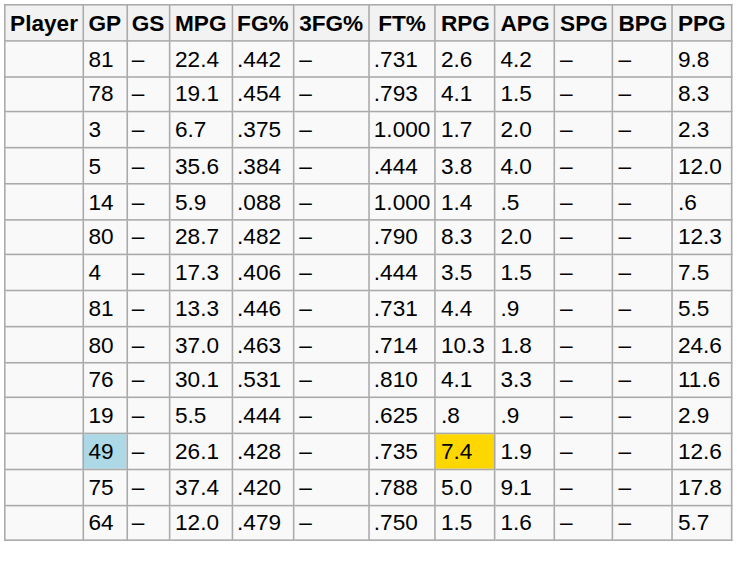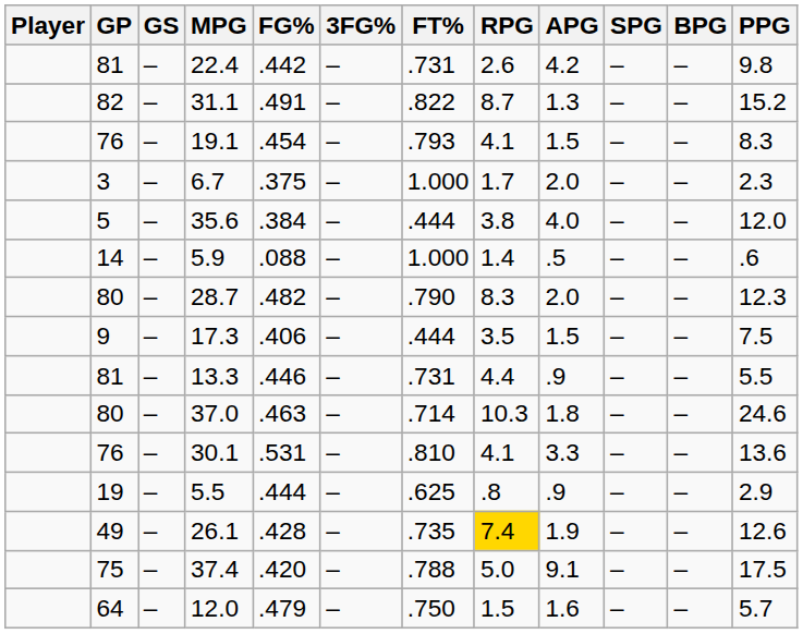 <table class="wikitable sortable" style="font-size: 90%">
 <tr>
 <th>Player</th>
 <th>GP</th>
 <th>GS</th>
 <th>MPG</th>
 <th>FG%</th>
 <th>3FG%</th>
 <th>FT%</th>
 <th>RPG</th>
 <th>APG</th>
 <th>SPG</th>
 <th>BPG</th>
 <th>PPG</th>
 </tr>
 <tr>
 <td></td>
 <td>81</td>
 <td>–</td>
 <td>22.4</td>
 <td>.442</td>
 <td>–</td>
 <td>.731</td>
 <td>2.6</td>
 <td>4.2</td>
 <td>–</td>
 <td>–</td>
 <td>9.8</td>
 </tr>
 <tr>
 <td> </td>
-<td>78</td>
+<td>82</td>
+<td>–</td>
+<td>31.1</td>
+<td>.491</td>
+<td>–</td>
+<td>.822</td>
+<td>8.7</td>
+<td>1.3</td>
+<td>–</td>
+<td>–</td>
+<td>15.2</td>
+</tr>
+<tr>
+<td> </td>
+<td>76</td>
 <td>–</td>
 <td>19.1</td>
 <td>.454</td>
 <td>–</td>
 <td>.793</td>
 <td>4.1</td>
 <td>1.5</td>
 <td>–</td>
 <td>–</td>
 <td>8.3</td>
 </tr>
 <tr>
 <td></td>
 <td>3</td>
 <td>–</td>
 <td>6.7</td>
 <td>.375</td>
 <td>–</td>
 <td>1.000</td>
 <td>1.7</td>
 <td>2.0</td>
 <td>–</td>
 <td>–</td>
 <td>2.3</td>
 </tr>
 <tr>
 <td> </td>
 <td>5</td>
 <td>–</td>
 <td>35.6</td>
 <td>.384</td>
 <td>–</td>
 <td>.444</td>
 <td>3.8</td>
 <td>4.0</td>
 <td>–</td>
 <td>–</td>
 <td>12.0</td>
 </tr>
 <tr>
 <td></td>
 <td>14</td>
 <td>–</td>
 <td>5.9</td>
 <td>.088</td>
 <td>–</td>
 <td>1.000</td>
 <td>1.4</td>
 <td>.5</td>
 <td>–</td>
 <td>–</td>
 <td>.6</td>
 </tr>
 <tr>
 <td></td>
 <td>80</td>
 <td>–</td>
 <td>28.7</td>
 <td>.482</td>
 <td>–</td>
 <td>.790</td>
 <td>8.3</td>
 <td>2.0</td>
 <td>–</td>
 <td>–</td>
 <td>12.3</td>
 </tr>
 <tr>
 <td> </td>
-<td>4</td>
+<td>9</td>
 <td>–</td>
 <td>17.3</td>
 <td>.406</td>
 <td>–</td>
 <td>.444</td>
 <td>3.5</td>
 <td>1.5</td>
 <td>–</td>
 <td>–</td>
 <td>7.5</td>
 </tr>
 <tr>
 <td></td>
 <td>81</td>
 <td>–</td>
 <td>13.3</td>
 <td>.446</td>
 <td>–</td>
 <td>.731</td>
 <td>4.4</td>
 <td>.9</td>
 <td>–</td>
 <td>–</td>
 <td>5.5</td>
 </tr>
 <tr>
 <td></td>
 <td>80</td>
 <td>–</td>
 <td>37.0</td>
 <td>.463</td>
 <td>–</td>
 <td>.714</td>
 <td>10.3</td>
 <td>1.8</td>
 <td>–</td>
 <td>–</td>
 <td>24.6</td>
 </tr>
 <tr>
 <td> </td>
 <td>76</td>
 <td>–</td>
 <td>30.1</td>
 <td>.531</td>
 <td>–</td>
 <td>.810</td>
 <td>4.1</td>
 <td>3.3</td>
 <td>–</td>
 <td>–</td>
-<td>11.6</td>
+<td>13.6</td>
 </tr>
 <tr>
 <td></td>
 <td>19</td>
 <td>–</td>
 <td>5.5</td>
 <td>.444</td>
 <td>–</td>
 <td>.625</td>
 <td>.8</td>
 <td>.9</td>
 <td>–</td>
 <td>–</td>
 <td>2.9</td>
 </tr>
 <tr>
 <td> </td>
-<td style="background: lightblue;">49</td>
+<td>49</td>
 <td>–</td>
 <td>26.1</td>
 <td>.428</td>
 <td>–</td>
 <td>.735</td>
 <td style="background: gold;">7.4</td>
 <td>1.9</td>
 <td>–</td>
 <td>–</td>
 <td>12.6</td>
 </tr>
 <tr>
 <td> </td>
 <td>75</td>
 <td>–</td>
 <td>37.4</td>
 <td>.420</td>
 <td>–</td>
 <td>.788</td>
 <td>5.0</td>
 <td>9.1</td>
 <td>–</td>
 <td>–</td>
-<td>17.8</td>
+<td>17.5</td>
 </tr>
 <tr>
 <td></td>
 <td>64</td>
 <td>–</td>
 <td>12.0</td>
 <td>.479</td>
 <td>–</td>
 <td>.750</td>
 <td>1.5</td>
 <td>1.6</td>
 <td>–</td>
 <td>–</td>
 <td>5.7</td>
 </tr>
 </table>
